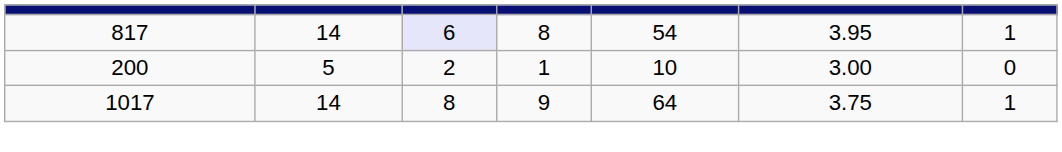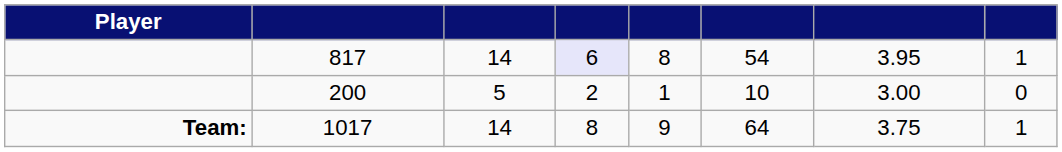 <table class="wikitable sortable" style="width:60%; text-align:center;">
 <tr>
+<th style="color:white; background:#081073; ">Player</th>
 <th style="color:white; background:#081073; "></th>
 <th style="color:white; background:#081073; "></th>
 <th style="color:white; background:#081073; "></th>
 <th style="color:white; background:#081073; "></th>
 <th style="color:white; background:#081073; "></th>
 <th style="color:white; background:#081073; "></th>
 <th style="color:white; background:#081073; "></th>
 </tr>
 <tr align="center">
+<td align="right"></td>
 <td>817</td>
 <td>14</td>
 <td style="background: lavender;">6</td>
 <td>8</td>
 <td>54</td>
 <td>3.95</td>
 <td>1</td>
 </tr>
 <tr align="center">
+<td align="right"></td>
 <td>200</td>
 <td>5</td>
 <td>2</td>
 <td>1</td>
 <td>10</td>
 <td>3.00</td>
 <td>0</td>
 </tr>
 <tr align="center">
+<td align="right"><strong>Team:</strong></td>
 <td>1017</td>
 <td>14</td>
 <td>8</td>
 <td>9</td>
 <td>64</td>
 <td>3.75</td>
 <td>1</td>
 </tr>
 </table>
